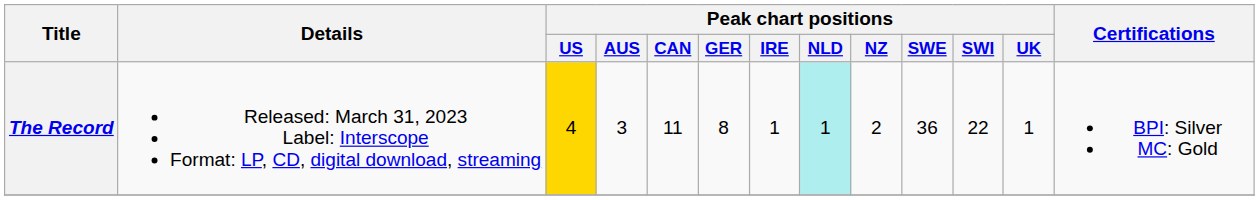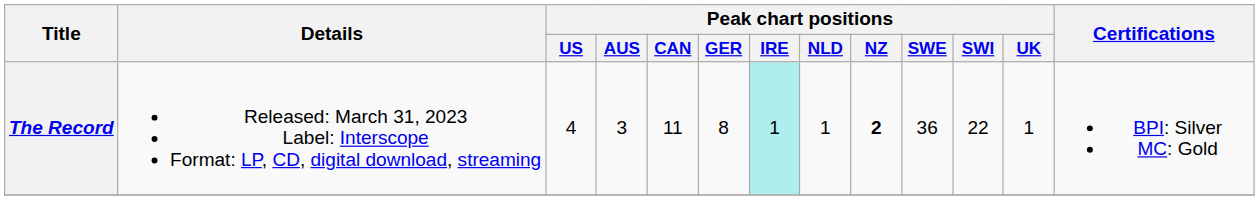 <table class="wikitable plainrowheaders" style="text-align:center;">
 <tr>
 <th scope="col" rowspan="2">Title</th>
 <th scope="col" rowspan="2">Details</th>
 <th scope="col" colspan="10">Peak chart positions</th>
 <th scope="col" rowspan="2" style="width:10em;"><a href='#'>Certifications</a></th>
 </tr>
 <tr>
 <th scope="col" style="width:2.5em;font-size:90%;"><a href='#'>US</a><br></th>
 <th scope="col" style="width:2.5em;font-size:90%;"><a href='#'>AUS</a><br></th>
 <th scope="col" style="width:2.5em;font-size:90%;"><a href='#'>CAN</a><br></th>
 <th scope="col" style="width:2.5em;font-size:90%;"><a href='#'>GER</a><br></th>
 <th scope="col" style="width:2.5em;font-size:90%;"><a href='#'>IRE</a><br></th>
 <th scope="col" style="width:2.5em;font-size:90%;"><a href='#'>NLD</a><br></th>
 <th scope="col" style="width:2.5em;font-size:90%;"><a href='#'>NZ</a><br></th>
 <th scope="col" style="width:2.5em;font-size:90%;"><a href='#'>SWE</a><br></th>
 <th scope="col" style="width:2.5em;font-size:90%;"><a href='#'>SWI</a><br></th>
 <th scope="col" style="width:2.5em;font-size:90%;"><a href='#'>UK</a><br></th>
 </tr>
 <tr>
 <th scope="row"><em><a href='#'>The Record</a></em></th>
 <td><br><ul><li>Released: March 31, 2023</li><li>Label: <a href='#'>Interscope</a></li><li>Format: <a href='#'>LP</a>, <a href='#'>CD</a>, <a href='#'>digital download</a>, <a href='#'>streaming</a></li></ul></td>
-<td style="background: gold;">4</td>
+<td>4</td>
 <td>3</td>
 <td>11</td>
 <td>8</td>
+<td style="background: paleturquoise;">1</td>
 <td>1</td>
-<td style="background: paleturquoise;">1</td>
-<td>2</td>
+<td><strong>2</strong></td>
 <td>36</td>
 <td>22</td>
 <td>1</td>
 <td><br><ul><li><a href='#'>BPI</a>: Silver</li><li><a href='#'>MC</a>: Gold</li></ul></td>
 </tr>
 <tr>
 </tr>
 </table>
